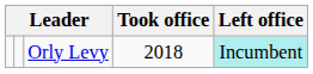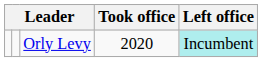 <table class="wikitable" style="text-align: center;">
 <tr>
 <th colspan="3">Leader</th>
 <th>Took office</th>
 <th>Left office</th>
 </tr>
 <tr>
 <td style="background: "></td>
 <td></td>
 <td><a href='#'>Orly Levy</a></td>
-<td>2018</td>
+<td>2020</td>
 <td style="background: paleturquoise;">Incumbent</td>
 </tr>
 </table>
